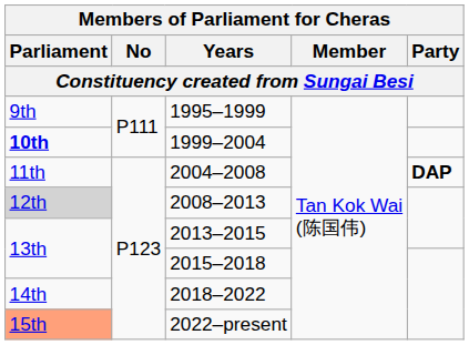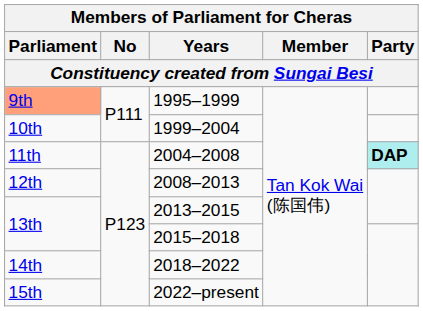 <table class=wikitable>
 <tr>
 <th colspan="5">Members of Parliament for Cheras</th>
 </tr>
 <tr>
 <th>Parliament</th>
 <th>No</th>
 <th>Years</th>
 <th>Member</th>
 <th>Party</th>
 </tr>
 <tr>
 <th colspan="5" align="center"><em>Constituency created from <a href='#'>Sungai Besi</a></em></th>
 </tr>
 <tr>
-<td><a href='#'>9th</a></td>
+<td style="background: lightsalmon;"><a href='#'>9th</a></td>
 <td rowspan="2">P111</td>
 <td>1995–1999</td>
 <td rowspan=8><a href='#'>Tan Kok Wai</a>  <br>(陈国伟)</td>
 <td bgcolor=></td>
 </tr>
 <tr>
-<td><strong><a href='#'>10th</a></strong></td>
+<td><a href='#'>10th</a></td>
 <td>1999–2004</td>
 <td></td>
 </tr>
 <tr>
 <td><a href='#'>11th</a></td>
 <td rowspan=6>P123</td>
 <td>2004–2008</td>
-<td><strong>DAP</strong></td>
+<td style="background: paleturquoise;"><strong>DAP</strong></td>
 </tr>
 <tr>
-<td style="background: lightgrey;"><a href='#'>12th</a></td>
+<td><a href='#'>12th</a></td>
 <td>2008–2013</td>
 <td rowspan=2></td>
 </tr>
 <tr>
 <td rowspan=2><a href='#'>13th</a></td>
 <td>2013–2015</td>
 </tr>
 <tr>
 <td>2015–2018</td>
 <td rowspan=3></td>
 </tr>
 <tr>
 <td><a href='#'>14th</a></td>
 <td>2018–2022</td>
 </tr>
 <tr>
-<td style="background: lightsalmon;"><a href='#'>15th</a></td>
+<td><a href='#'>15th</a></td>
 <td>2022–present</td>
 </tr>
 </table>
